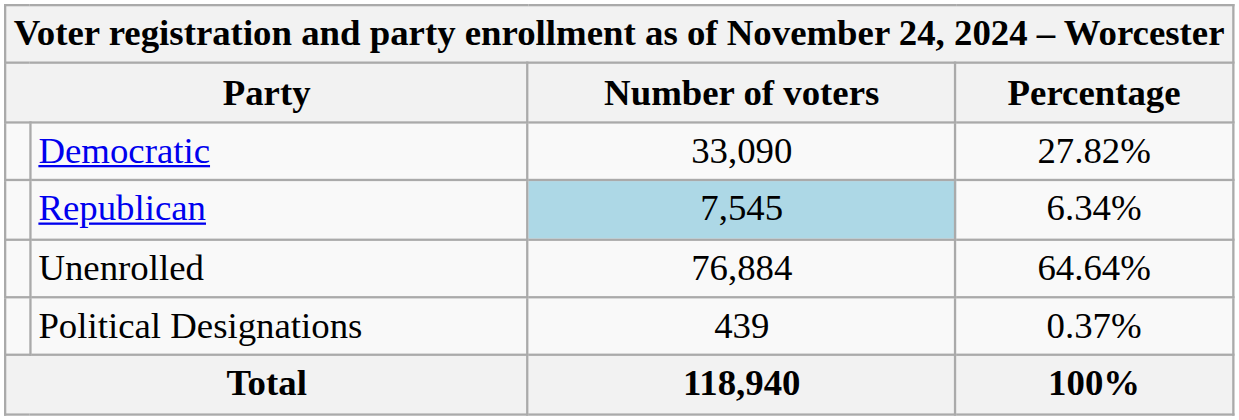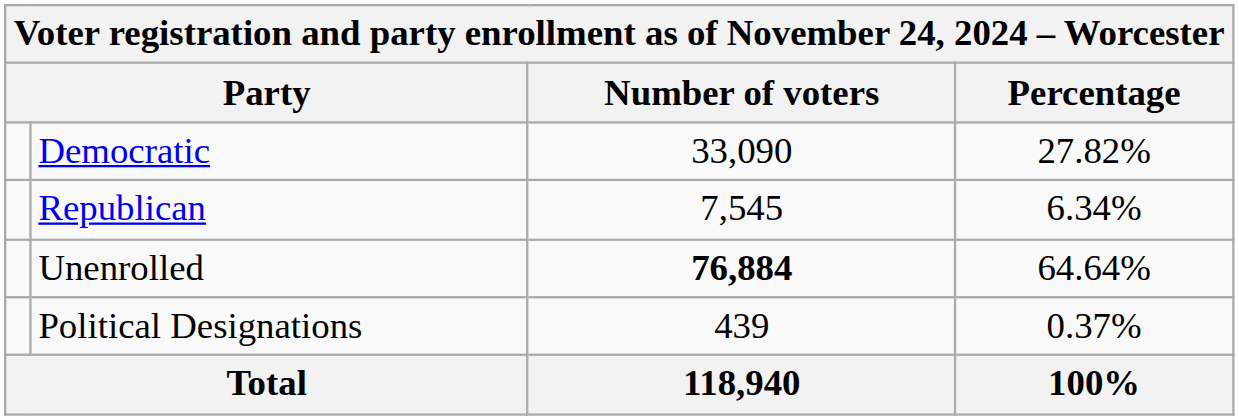 <table class=wikitable>
 <tr>
 <th colspan = 6>Voter registration and party enrollment as of November 24, 2024 – Worcester</th>
 </tr>
 <tr>
 <th colspan = 2>Party</th>
 <th>Number of voters</th>
 <th>Percentage</th>
 </tr>
 <tr>
 <td></td>
 <td><a href='#'>Democratic</a></td>
 <td style="text-align:center;">33,090</td>
 <td style="text-align:center;">27.82%</td>
 </tr>
 <tr>
 <td></td>
 <td><a href='#'>Republican</a></td>
-<td style="background: lightblue; text-align:center;">7,545</td>
+<td style="text-align:center;">7,545</td>
 <td style="text-align:center;">6.34%</td>
 </tr>
 <tr>
 <td></td>
 <td>Unenrolled</td>
-<td style="text-align:center;">76,884</td>
+<td style="text-align:center;"><strong>76,884</strong></td>
 <td style="text-align:center;">64.64%</td>
 </tr>
 <tr>
 <td></td>
 <td>Political Designations</td>
 <td style="text-align:center;">439</td>
 <td style="text-align:center;">0.37%</td>
 </tr>
 <tr>
 <th colspan = 2>Total</th>
 <th style="text-align:center;">118,940</th>
 <th style="text-align:center;">100%</th>
 </tr>
 </table>
